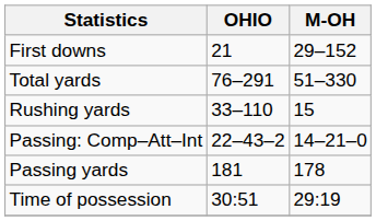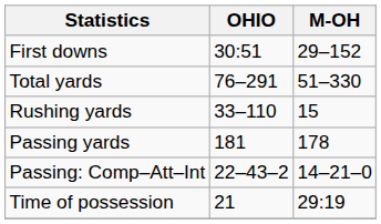 <table class="wikitable" style="float: left;">
 <tr>
 <th>Statistics</th>
 <th>OHIO</th>
 <th>M-OH</th>
 </tr>
 <tr>
 <td>First downs</td>
-<td>21</td>
+<td>30:51</td>
 <td>29–152</td>
 </tr>
 <tr>
 <td>Total yards</td>
 <td>76–291</td>
 <td>51–330</td>
 </tr>
 <tr>
 <td>Rushing yards</td>
 <td>33–110</td>
 <td>15</td>
 </tr>
 <tr>
+<td>Passing yards</td>
+<td>181</td>
+<td>178</td>
+</tr>
+<tr>
 <td>Passing: Comp–Att–Int</td>
 <td>22–43–2</td>
 <td>14–21–0</td>
 </tr>
 <tr>
-<td>Passing yards</td>
-<td>181</td>
-<td>178</td>
-</tr>
-<tr>
 <td>Time of possession</td>
-<td>30:51</td>
+<td>21</td>
 <td>29:19</td>
 </tr>
 <tr>
 </tr>
 </table>
